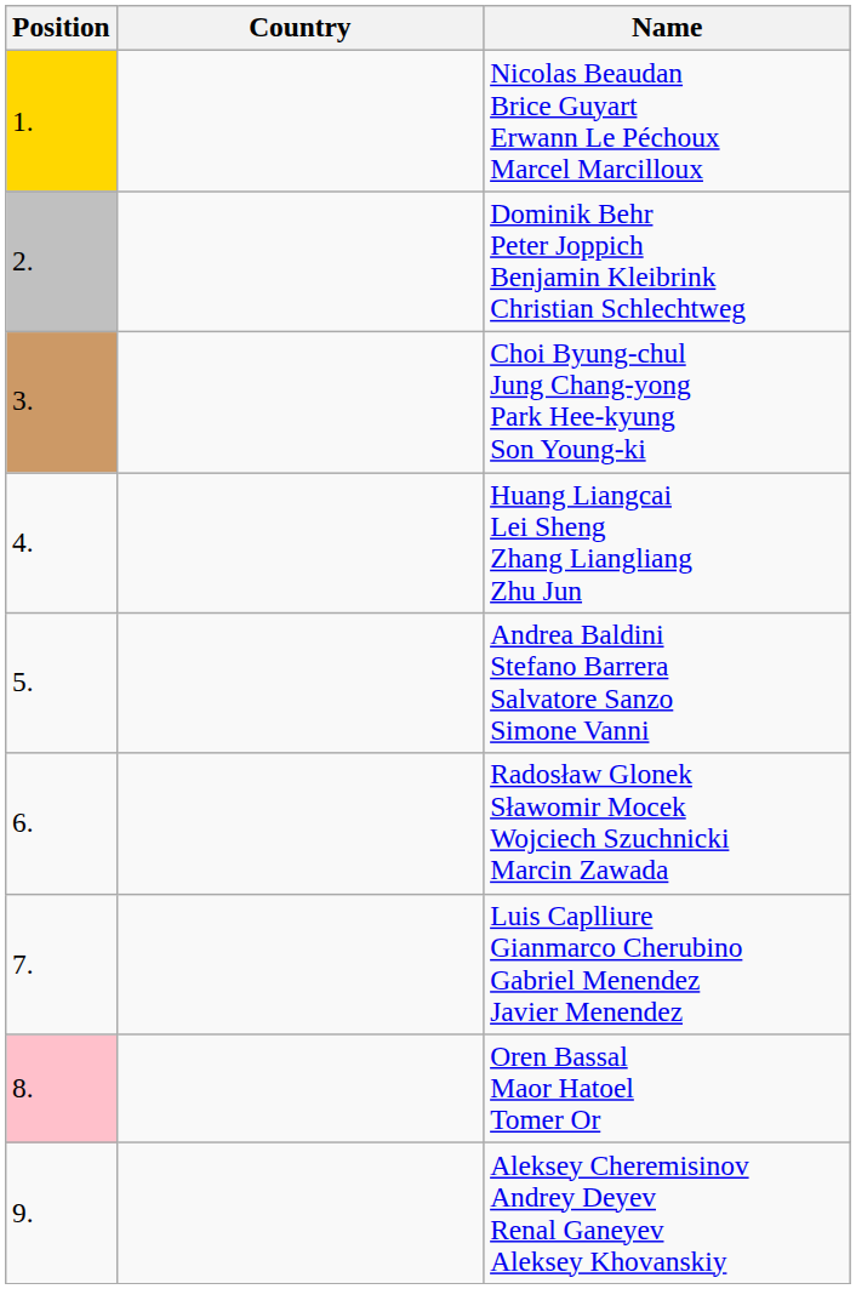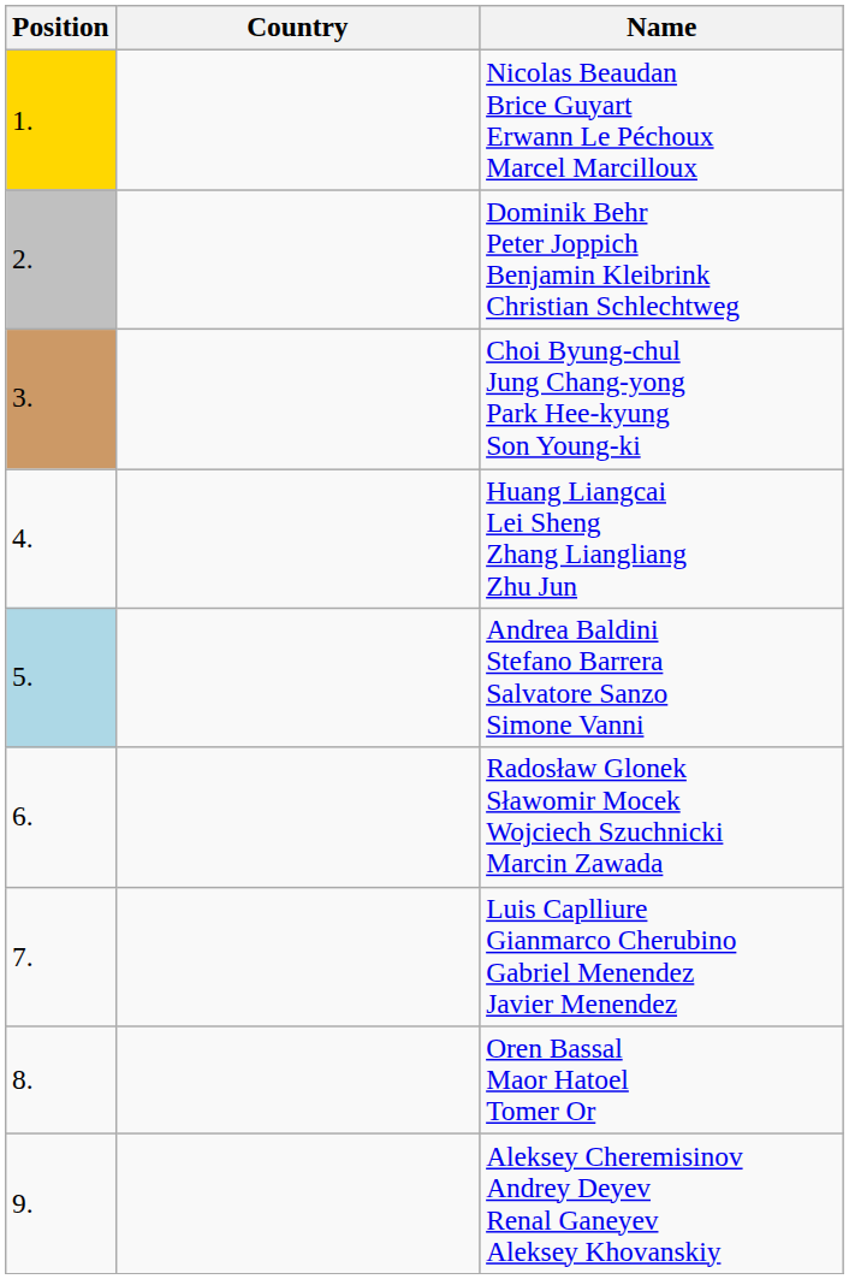 <table class="wikitable">
 <tr>
 <th width="10">Position</th>
 <th width="200">Country</th>
 <th width="200">Name</th>
 </tr>
 <tr>
 <td bgcolor="gold">1.</td>
 <td></td>
 <td><a href='#'>Nicolas Beaudan</a><br><a href='#'>Brice Guyart</a> <br><a href='#'>Erwann Le Péchoux</a><br><a href='#'>Marcel Marcilloux</a></td>
 </tr>
 <tr>
 <td bgcolor="silver">2.</td>
 <td></td>
 <td><a href='#'>Dominik Behr</a><br><a href='#'>Peter Joppich</a> <br><a href='#'>Benjamin Kleibrink</a><br><a href='#'>Christian Schlechtweg</a></td>
 </tr>
 <tr>
 <td bgcolor="#CC9966">3.</td>
 <td></td>
 <td><a href='#'>Choi Byung-chul</a><br><a href='#'>Jung Chang-yong</a> <br><a href='#'>Park Hee-kyung</a><br><a href='#'>Son Young-ki</a></td>
 </tr>
 <tr>
 <td>4.</td>
 <td></td>
 <td><a href='#'>Huang Liangcai</a><br><a href='#'>Lei Sheng</a> <br><a href='#'>Zhang Liangliang</a><br><a href='#'>Zhu Jun</a></td>
 </tr>
 <tr>
-<td>5.</td>
+<td style="background: lightblue;">5.</td>
 <td></td>
 <td><a href='#'>Andrea Baldini</a><br><a href='#'>Stefano Barrera</a> <br><a href='#'>Salvatore Sanzo</a><br><a href='#'>Simone Vanni</a></td>
 </tr>
 <tr>
 <td>6.</td>
 <td></td>
 <td><a href='#'>Radosław Glonek</a><br><a href='#'>Sławomir Mocek</a> <br><a href='#'>Wojciech Szuchnicki</a><br><a href='#'>Marcin Zawada</a></td>
 </tr>
 <tr>
 <td>7.</td>
 <td></td>
 <td><a href='#'>Luis Caplliure</a><br><a href='#'>Gianmarco Cherubino</a> <br><a href='#'>Gabriel Menendez</a><br><a href='#'>Javier Menendez</a></td>
 </tr>
 <tr>
-<td style="background: pink;">8.</td>
+<td>8.</td>
 <td></td>
 <td><a href='#'>Oren Bassal</a><br><a href='#'>Maor Hatoel</a> <br><a href='#'>Tomer Or</a></td>
 </tr>
 <tr>
 <td>9.</td>
 <td></td>
 <td><a href='#'>Aleksey Cheremisinov</a><br><a href='#'>Andrey Deyev</a> <br><a href='#'>Renal Ganeyev</a><br><a href='#'>Aleksey Khovanskiy</a></td>
 </tr>
 <tr>
 </tr>
 </table>
